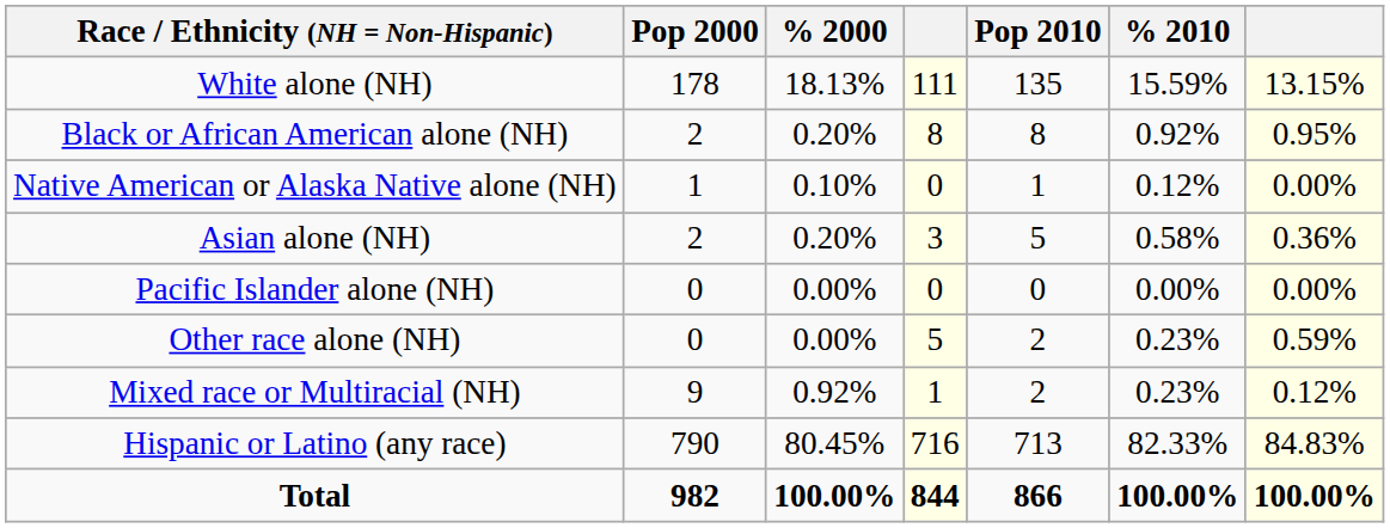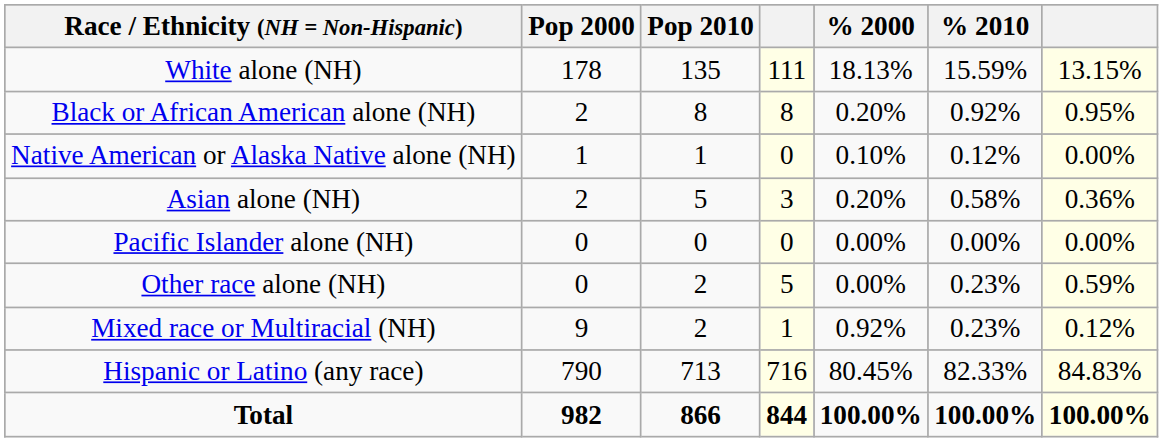 <table class="wikitable" style="text-align:center;">
 <tr>
 <th>Race / Ethnicity <small>(<em>NH = Non-Hispanic</em>)</small></th>
 <th>Pop 2000</th>
+<th>Pop 2010</th>
+<th></th>
 <th>% 2000</th>
-<th></th>
-<th>Pop 2010</th>
 <th>% 2010</th>
 <th></th>
 </tr>
 <tr>
 <td><a href='#'>White</a> alone (NH)</td>
 <td>178</td>
+<td>135</td>
+<td style='background: #ffffe6;'>111</td>
 <td>18.13%</td>
-<td style='background: #ffffe6;'>111</td>
-<td>135</td>
 <td>15.59%</td>
 <td style='background: #ffffe6;'>13.15%</td>
 </tr>
 <tr>
 <td><a href='#'>Black or African American</a> alone (NH)</td>
 <td>2</td>
+<td>8</td>
+<td style='background: #ffffe6;'>8</td>
 <td>0.20%</td>
-<td style='background: #ffffe6;'>8</td>
-<td>8</td>
 <td>0.92%</td>
 <td style='background: #ffffe6;'>0.95%</td>
 </tr>
 <tr>
 <td><a href='#'>Native American</a> or <a href='#'>Alaska Native</a> alone (NH)</td>
 <td>1</td>
+<td>1</td>
+<td style='background: #ffffe6;'>0</td>
 <td>0.10%</td>
-<td style='background: #ffffe6;'>0</td>
-<td>1</td>
 <td>0.12%</td>
 <td style='background: #ffffe6;'>0.00%</td>
 </tr>
 <tr>
 <td><a href='#'>Asian</a> alone (NH)</td>
 <td>2</td>
+<td>5</td>
+<td style='background: #ffffe6;'>3</td>
 <td>0.20%</td>
-<td style='background: #ffffe6;'>3</td>
-<td>5</td>
 <td>0.58%</td>
 <td style='background: #ffffe6;'>0.36%</td>
 </tr>
 <tr>
 <td><a href='#'>Pacific Islander</a> alone (NH)</td>
 <td>0</td>
+<td>0</td>
+<td style='background: #ffffe6;'>0</td>
 <td>0.00%</td>
-<td style='background: #ffffe6;'>0</td>
-<td>0</td>
 <td>0.00%</td>
 <td style='background: #ffffe6;'>0.00%</td>
 </tr>
 <tr>
 <td><a href='#'>Other race</a> alone (NH)</td>
 <td>0</td>
+<td>2</td>
+<td style='background: #ffffe6;'>5</td>
 <td>0.00%</td>
-<td style='background: #ffffe6;'>5</td>
-<td>2</td>
 <td>0.23%</td>
 <td style='background: #ffffe6;'>0.59%</td>
 </tr>
 <tr>
 <td><a href='#'>Mixed race or Multiracial</a> (NH)</td>
 <td>9</td>
+<td>2</td>
+<td style='background: #ffffe6;'>1</td>
 <td>0.92%</td>
-<td style='background: #ffffe6;'>1</td>
-<td>2</td>
 <td>0.23%</td>
 <td style='background: #ffffe6;'>0.12%</td>
 </tr>
 <tr>
 <td><a href='#'>Hispanic or Latino</a> (any race)</td>
 <td>790</td>
+<td>713</td>
+<td style='background: #ffffe6;'>716</td>
 <td>80.45%</td>
-<td style='background: #ffffe6;'>716</td>
-<td>713</td>
 <td>82.33%</td>
 <td style='background: #ffffe6;'>84.83%</td>
 </tr>
 <tr>
 <td><strong>Total</strong></td>
 <td><strong>982</strong></td>
+<td><strong>866</strong></td>
+<td style='background: #ffffe6;'><strong>844</strong></td>
 <td><strong>100.00%</strong></td>
-<td style='background: #ffffe6;'><strong>844</strong></td>
-<td><strong>866</strong></td>
 <td><strong>100.00%</strong></td>
 <td style='background: #ffffe6;'><strong>100.00%</strong></td>
 </tr>
 </table>
